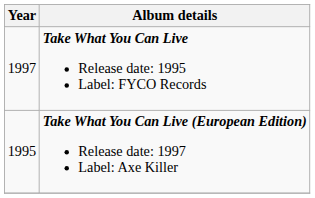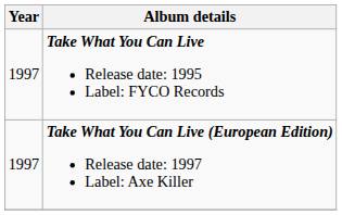 <table class="wikitable" style="text-align:center;">
 <tr>
 <th>Year</th>
 <th>Album details</th>
 </tr>
 <tr>
 <td>1997</td>
 <td align="left"><strong><em>Take What You Can Live</em></strong><br><ul><li>Release date: 1995</li><li>Label: FYCO Records</li></ul></td>
 </tr>
 <tr>
-<td>1995</td>
+<td>1997</td>
 <td align="left"><strong><em>Take What You Can Live (European Edition)</em></strong><br><ul><li>Release date: 1997</li><li>Label: Axe Killer</li></ul></td>
 </tr>
 <tr>
 </tr>
 </table>
